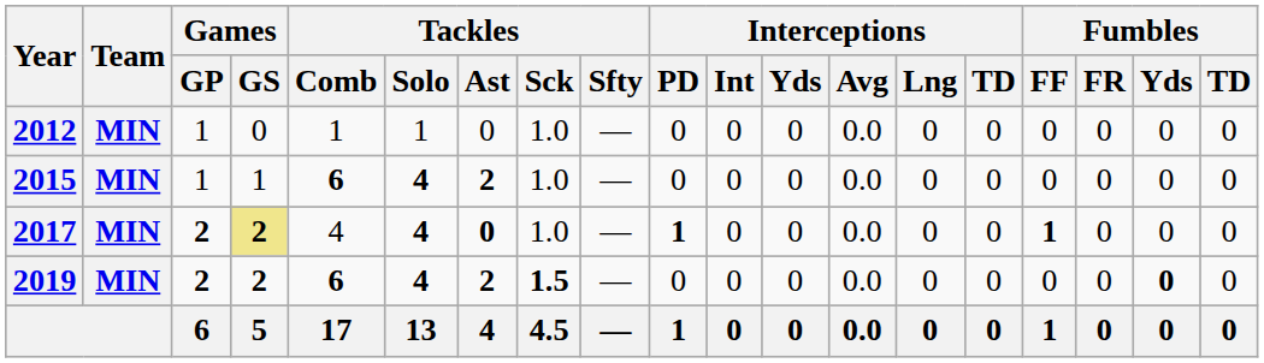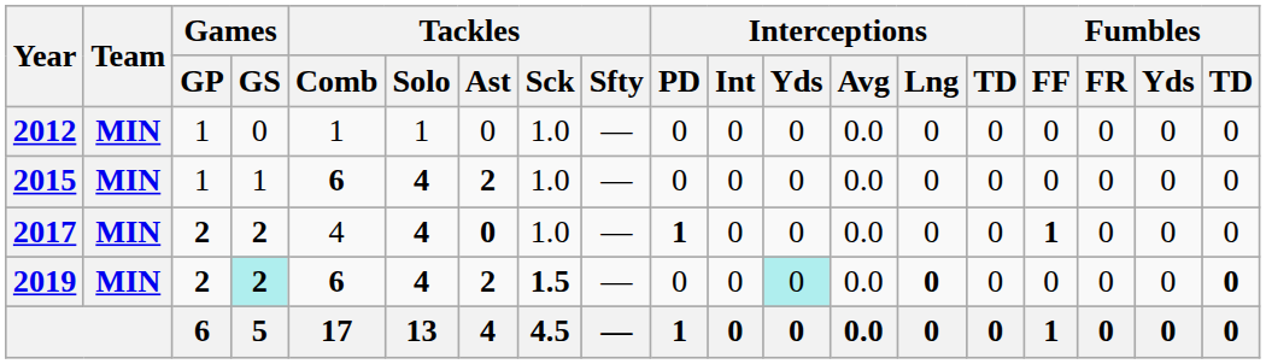 <table class="wikitable" style="text-align:center;">
 <tr>
 <th rowspan="2">Year</th>
 <th rowspan="2">Team</th>
 <th colspan="2">Games</th>
 <th colspan="5">Tackles</th>
 <th colspan="6">Interceptions</th>
 <th colspan="4">Fumbles</th>
 </tr>
 <tr>
 <th>GP</th>
 <th>GS</th>
 <th>Comb</th>
 <th>Solo</th>
 <th>Ast</th>
 <th>Sck</th>
 <th>Sfty</th>
 <th>PD</th>
 <th>Int</th>
 <th>Yds</th>
 <th>Avg</th>
 <th>Lng</th>
 <th>TD</th>
 <th>FF</th>
 <th>FR</th>
 <th>Yds</th>
 <th>TD</th>
 </tr>
 <tr>
 <th><a href='#'>2012</a></th>
 <th><a href='#'>MIN</a></th>
 <td>1</td>
 <td>0</td>
 <td>1</td>
 <td>1</td>
 <td>0</td>
 <td>1.0</td>
 <td>—</td>
 <td>0</td>
 <td>0</td>
 <td>0</td>
 <td>0.0</td>
 <td>0</td>
 <td>0</td>
 <td>0</td>
 <td>0</td>
 <td>0</td>
 <td>0</td>
 </tr>
 <tr>
 <th><a href='#'>2015</a></th>
 <th><a href='#'>MIN</a></th>
 <td>1</td>
 <td>1</td>
 <td><strong>6</strong></td>
 <td><strong>4</strong></td>
 <td><strong>2</strong></td>
 <td>1.0</td>
 <td>—</td>
 <td>0</td>
 <td>0</td>
 <td>0</td>
 <td>0.0</td>
 <td>0</td>
 <td>0</td>
 <td>0</td>
 <td>0</td>
 <td>0</td>
 <td>0</td>
 </tr>
 <tr>
 <th><a href='#'>2017</a></th>
 <th><a href='#'>MIN</a></th>
 <td><strong>2</strong></td>
-<td style="background: khaki;"><strong>2</strong></td>
+<td><strong>2</strong></td>
 <td>4</td>
 <td><strong>4</strong></td>
 <td><strong>0</strong></td>
 <td>1.0</td>
 <td>—</td>
 <td><strong>1</strong></td>
 <td>0</td>
 <td>0</td>
 <td>0.0</td>
 <td>0</td>
 <td>0</td>
 <td><strong>1</strong></td>
 <td>0</td>
 <td>0</td>
 <td>0</td>
 </tr>
 <tr>
 <th><a href='#'>2019</a></th>
 <th><a href='#'>MIN</a></th>
 <td><strong>2</strong></td>
-<td><strong>2</strong></td>
+<td style="background: paleturquoise;"><strong>2</strong></td>
 <td><strong>6</strong></td>
 <td><strong>4</strong></td>
 <td><strong>2</strong></td>
 <td><strong>1.5</strong></td>
 <td>—</td>
 <td>0</td>
 <td>0</td>
-<td>0</td>
+<td style="background: paleturquoise;">0</td>
 <td>0.0</td>
+<td><strong>0</strong></td>
 <td>0</td>
 <td>0</td>
 <td>0</td>
 <td>0</td>
 <td><strong>0</strong></td>
-<td>0</td>
 </tr>
 <tr>
 <th colspan="2"></th>
 <th>6</th>
 <th>5</th>
 <th>17</th>
 <th>13</th>
 <th>4</th>
 <th>4.5</th>
 <th>—</th>
 <th>1</th>
 <th>0</th>
 <th>0</th>
 <th>0.0</th>
 <th>0</th>
 <th>0</th>
 <th>1</th>
 <th>0</th>
 <th>0</th>
 <th>0</th>
 </tr>
 </table>
